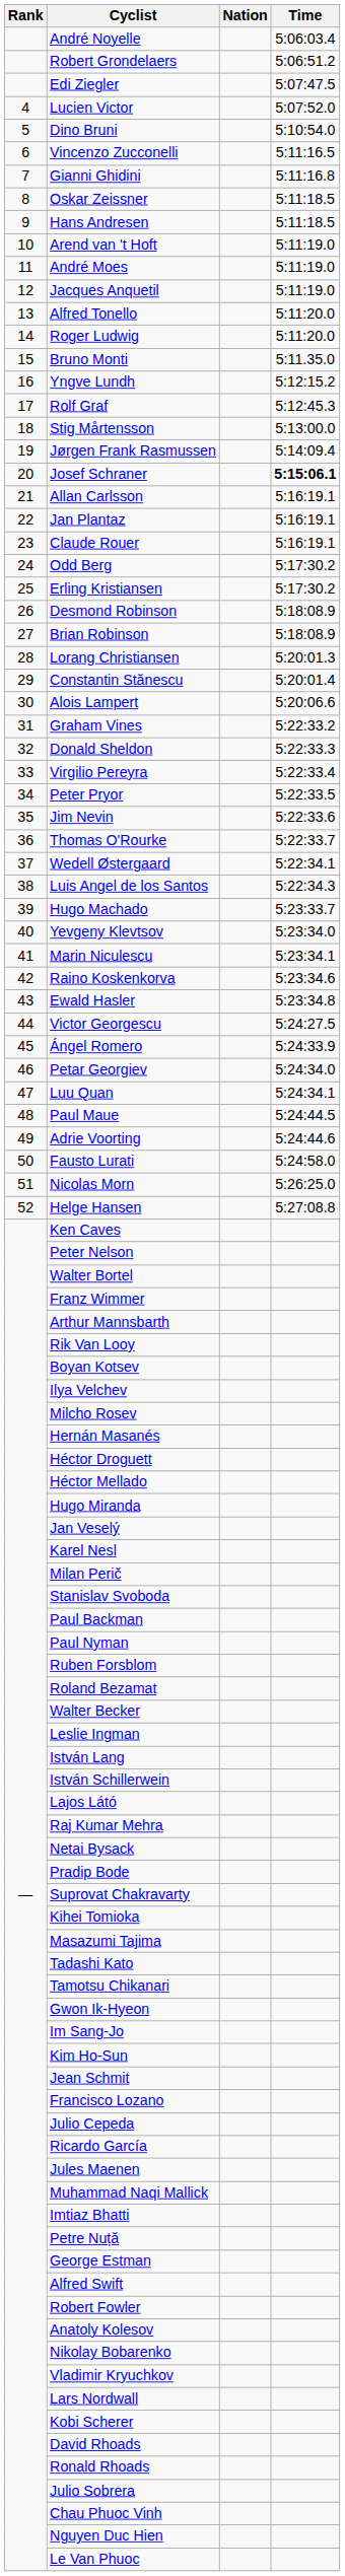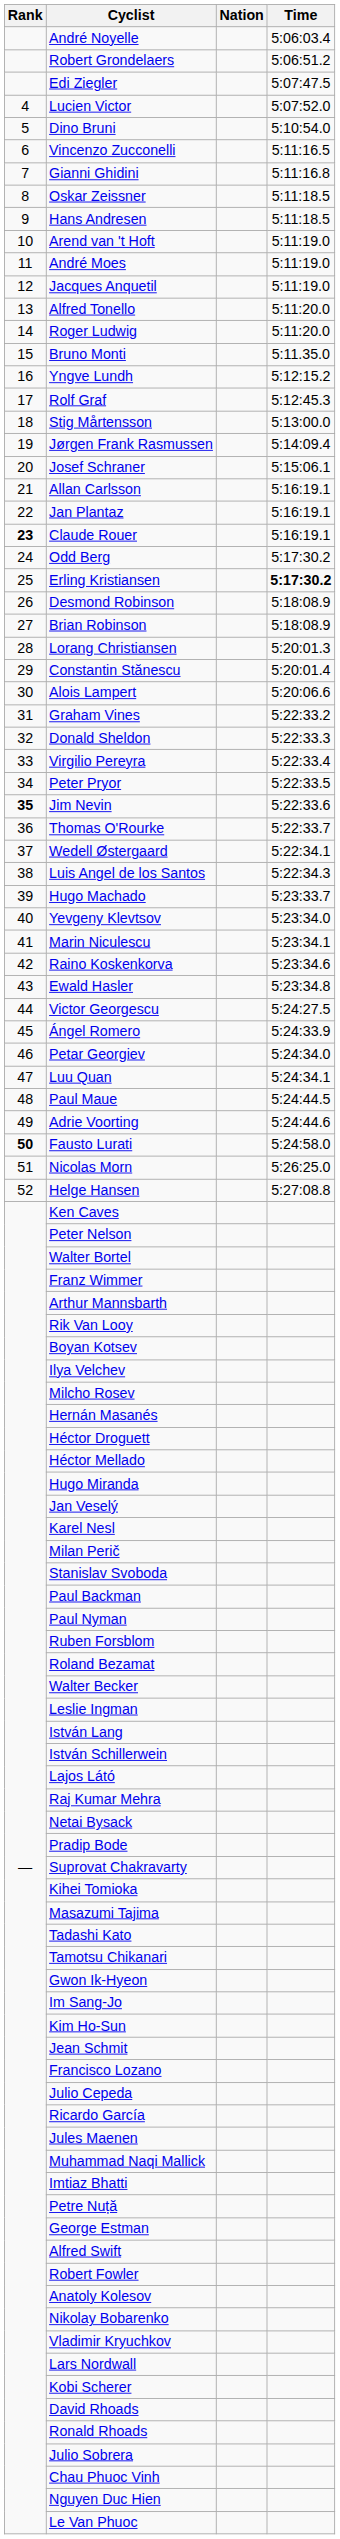 <table class="wikitable sortable" style="text-align:center">
 <tr>
 <th>Rank</th>
 <th>Cyclist</th>
 <th>Nation</th>
 <th>Time</th>
 </tr>
 <tr>
 <td></td>
 <td align=left><a href='#'>André Noyelle</a></td>
 <td align=left></td>
 <td>5:06:03.4</td>
 </tr>
 <tr>
 <td></td>
 <td align=left><a href='#'>Robert Grondelaers</a></td>
 <td align=left></td>
 <td>5:06:51.2</td>
 </tr>
 <tr>
 <td></td>
 <td align=left><a href='#'>Edi Ziegler</a></td>
 <td align=left></td>
 <td>5:07:47.5</td>
 </tr>
 <tr>
 <td>4</td>
 <td align=left><a href='#'>Lucien Victor</a></td>
 <td align=left></td>
 <td>5:07:52.0</td>
 </tr>
 <tr>
 <td>5</td>
 <td align=left><a href='#'>Dino Bruni</a></td>
 <td align=left></td>
 <td>5:10:54.0</td>
 </tr>
 <tr>
 <td>6</td>
 <td align=left><a href='#'>Vincenzo Zucconelli</a></td>
 <td align=left></td>
 <td>5:11:16.5</td>
 </tr>
 <tr>
 <td>7</td>
 <td align=left><a href='#'>Gianni Ghidini</a></td>
 <td align=left></td>
 <td>5:11:16.8</td>
 </tr>
 <tr>
 <td>8</td>
 <td align=left><a href='#'>Oskar Zeissner</a></td>
 <td align=left></td>
 <td>5:11:18.5</td>
 </tr>
 <tr>
 <td>9</td>
 <td align=left><a href='#'>Hans Andresen</a></td>
 <td align=left></td>
 <td>5:11:18.5</td>
 </tr>
 <tr>
 <td>10</td>
 <td align=left><a href='#'>Arend van 't Hoft</a></td>
 <td align=left></td>
 <td>5:11:19.0</td>
 </tr>
 <tr>
 <td>11</td>
 <td align=left><a href='#'>André Moes</a></td>
 <td align=left></td>
 <td>5:11:19.0</td>
 </tr>
 <tr>
 <td>12</td>
 <td align=left><a href='#'>Jacques Anquetil</a></td>
 <td align=left></td>
 <td>5:11:19.0</td>
 </tr>
 <tr>
 <td>13</td>
 <td align=left><a href='#'>Alfred Tonello</a></td>
 <td align=left></td>
 <td>5:11:20.0</td>
 </tr>
 <tr>
 <td>14</td>
 <td align=left><a href='#'>Roger Ludwig</a></td>
 <td align=left></td>
 <td>5:11:20.0</td>
 </tr>
 <tr>
 <td>15</td>
 <td align=left><a href='#'>Bruno Monti</a></td>
 <td align=left></td>
 <td>5:11.35.0</td>
 </tr>
 <tr>
 <td>16</td>
 <td align=left><a href='#'>Yngve Lundh</a></td>
 <td align=left></td>
 <td>5:12:15.2</td>
 </tr>
 <tr>
 <td>17</td>
 <td align=left><a href='#'>Rolf Graf</a></td>
 <td align=left></td>
 <td>5:12:45.3</td>
 </tr>
 <tr>
 <td>18</td>
 <td align=left><a href='#'>Stig Mårtensson</a></td>
 <td align=left></td>
 <td>5:13:00.0</td>
 </tr>
 <tr>
 <td>19</td>
 <td align=left><a href='#'>Jørgen Frank Rasmussen</a></td>
 <td align=left></td>
 <td>5:14:09.4</td>
 </tr>
 <tr>
 <td>20</td>
 <td align=left><a href='#'>Josef Schraner</a></td>
 <td align=left></td>
-<td><strong>5:15:06.1</strong></td>
+<td>5:15:06.1</td>
 </tr>
 <tr>
 <td>21</td>
 <td align=left><a href='#'>Allan Carlsson</a></td>
 <td align=left></td>
 <td>5:16:19.1</td>
 </tr>
 <tr>
 <td>22</td>
 <td align=left><a href='#'>Jan Plantaz</a></td>
 <td align=left></td>
 <td>5:16:19.1</td>
 </tr>
 <tr>
-<td>23</td>
+<td><strong>23</strong></td>
 <td align=left><a href='#'>Claude Rouer</a></td>
 <td align=left></td>
 <td>5:16:19.1</td>
 </tr>
 <tr>
 <td>24</td>
 <td align=left><a href='#'>Odd Berg</a></td>
 <td align=left></td>
 <td>5:17:30.2</td>
 </tr>
 <tr>
 <td>25</td>
 <td align=left><a href='#'>Erling Kristiansen</a></td>
 <td align=left></td>
-<td>5:17:30.2</td>
+<td><strong>5:17:30.2</strong></td>
 </tr>
 <tr>
 <td>26</td>
 <td align=left><a href='#'>Desmond Robinson</a></td>
 <td align=left></td>
 <td>5:18:08.9</td>
 </tr>
 <tr>
 <td>27</td>
 <td align=left><a href='#'>Brian Robinson</a></td>
 <td align=left></td>
 <td>5:18:08.9</td>
 </tr>
 <tr>
 <td>28</td>
 <td align=left><a href='#'>Lorang Christiansen</a></td>
 <td align=left></td>
 <td>5:20:01.3</td>
 </tr>
 <tr>
 <td>29</td>
 <td align=left><a href='#'>Constantin Stănescu</a></td>
 <td align=left></td>
 <td>5:20:01.4</td>
 </tr>
 <tr>
 <td>30</td>
 <td align=left><a href='#'>Alois Lampert</a></td>
 <td align=left></td>
 <td>5:20:06.6</td>
 </tr>
 <tr>
 <td>31</td>
 <td align=left><a href='#'>Graham Vines</a></td>
 <td align=left></td>
 <td>5:22:33.2</td>
 </tr>
 <tr>
 <td>32</td>
 <td align=left><a href='#'>Donald Sheldon</a></td>
 <td align=left></td>
 <td>5:22:33.3</td>
 </tr>
 <tr>
 <td>33</td>
 <td align=left><a href='#'>Virgilio Pereyra</a></td>
 <td align=left></td>
 <td>5:22:33.4</td>
 </tr>
 <tr>
 <td>34</td>
 <td align=left><a href='#'>Peter Pryor</a></td>
 <td align=left></td>
 <td>5:22:33.5</td>
 </tr>
 <tr>
-<td>35</td>
+<td><strong>35</strong></td>
 <td align=left><a href='#'>Jim Nevin</a></td>
 <td align=left></td>
 <td>5:22:33.6</td>
 </tr>
 <tr>
 <td>36</td>
 <td align=left><a href='#'>Thomas O'Rourke</a></td>
 <td align=left></td>
 <td>5:22:33.7</td>
 </tr>
 <tr>
 <td>37</td>
 <td align=left><a href='#'>Wedell Østergaard</a></td>
 <td align=left></td>
 <td>5:22:34.1</td>
 </tr>
 <tr>
 <td>38</td>
 <td align=left><a href='#'>Luis Angel de los Santos</a></td>
 <td align=left></td>
 <td>5:22:34.3</td>
 </tr>
 <tr>
 <td>39</td>
 <td align=left><a href='#'>Hugo Machado</a></td>
 <td align=left></td>
 <td>5:23:33.7</td>
 </tr>
 <tr>
 <td>40</td>
 <td align=left><a href='#'>Yevgeny Klevtsov</a></td>
 <td align=left></td>
 <td>5:23:34.0</td>
 </tr>
 <tr>
 <td>41</td>
 <td align=left><a href='#'>Marin Niculescu</a></td>
 <td align=left></td>
 <td>5:23:34.1</td>
 </tr>
 <tr>
 <td>42</td>
 <td align=left><a href='#'>Raino Koskenkorva</a></td>
 <td align=left></td>
 <td>5:23:34.6</td>
 </tr>
 <tr>
 <td>43</td>
 <td align=left><a href='#'>Ewald Hasler</a></td>
 <td align=left></td>
 <td>5:23:34.8</td>
 </tr>
 <tr>
 <td>44</td>
 <td align=left><a href='#'>Victor Georgescu</a></td>
 <td align=left></td>
 <td>5:24:27.5</td>
 </tr>
 <tr>
 <td>45</td>
 <td align=left><a href='#'>Ángel Romero</a></td>
 <td align=left></td>
 <td>5:24:33.9</td>
 </tr>
 <tr>
 <td>46</td>
 <td align=left><a href='#'>Petar Georgiev</a></td>
 <td align=left></td>
 <td>5:24:34.0</td>
 </tr>
 <tr>
 <td>47</td>
 <td align=left><a href='#'>Luu Quan</a></td>
 <td align=left></td>
 <td>5:24:34.1</td>
 </tr>
 <tr>
 <td>48</td>
 <td align=left><a href='#'>Paul Maue</a></td>
 <td align=left></td>
 <td>5:24:44.5</td>
 </tr>
 <tr>
 <td>49</td>
 <td align=left><a href='#'>Adrie Voorting</a></td>
 <td align=left></td>
 <td>5:24:44.6</td>
 </tr>
 <tr>
-<td>50</td>
+<td><strong>50</strong></td>
 <td align=left><a href='#'>Fausto Lurati</a></td>
 <td align=left></td>
 <td>5:24:58.0</td>
 </tr>
 <tr>
 <td>51</td>
 <td align=left><a href='#'>Nicolas Morn</a></td>
 <td align=left></td>
 <td>5:26:25.0</td>
 </tr>
 <tr>
 <td>52</td>
 <td align=left><a href='#'>Helge Hansen</a></td>
 <td align=left></td>
 <td>5:27:08.8</td>
 </tr>
 <tr>
 <td rowspan=59 data-sort-value=53>—</td>
 <td align=left><a href='#'>Ken Caves</a></td>
 <td align=left></td>
 <td data-sort-value=9:99:99.9></td>
 </tr>
 <tr>
 <td align=left><a href='#'>Peter Nelson</a></td>
 <td align=left></td>
 <td data-sort-value=9:99:99.9></td>
 </tr>
 <tr>
 <td align=left><a href='#'>Walter Bortel</a></td>
 <td align=left></td>
 <td data-sort-value=9:99:99.9></td>
 </tr>
 <tr>
 <td align=left><a href='#'>Franz Wimmer</a></td>
 <td align=left></td>
 <td data-sort-value=9:99:99.9></td>
 </tr>
 <tr>
 <td align=left><a href='#'>Arthur Mannsbarth</a></td>
 <td align=left></td>
 <td data-sort-value=9:99:99.9></td>
 </tr>
 <tr>
 <td align=left><a href='#'>Rik Van Looy</a></td>
 <td align=left></td>
 <td data-sort-value=9:99:99.9></td>
 </tr>
 <tr>
 <td align=left><a href='#'>Boyan Kotsev</a></td>
 <td align=left></td>
 <td data-sort-value=9:99:99.9></td>
 </tr>
 <tr>
 <td align=left><a href='#'>Ilya Velchev</a></td>
 <td align=left></td>
 <td data-sort-value=9:99:99.9></td>
 </tr>
 <tr>
 <td align=left><a href='#'>Milcho Rosev</a></td>
 <td align=left></td>
 <td data-sort-value=9:99:99.9></td>
 </tr>
 <tr>
 <td align=left><a href='#'>Hernán Masanés</a></td>
 <td align=left></td>
 <td data-sort-value=9:99:99.9></td>
 </tr>
 <tr>
 <td align=left><a href='#'>Héctor Droguett</a></td>
 <td align=left></td>
 <td data-sort-value=9:99:99.9></td>
 </tr>
 <tr>
 <td align=left><a href='#'>Héctor Mellado</a></td>
 <td align=left></td>
 <td data-sort-value=9:99:99.9></td>
 </tr>
 <tr>
 <td align=left><a href='#'>Hugo Miranda</a></td>
 <td align=left></td>
 <td data-sort-value=9:99:99.9></td>
 </tr>
 <tr>
 <td align=left><a href='#'>Jan Veselý</a></td>
 <td align=left></td>
 <td data-sort-value=9:99:99.9></td>
 </tr>
 <tr>
 <td align=left><a href='#'>Karel Nesl</a></td>
 <td align=left></td>
 <td data-sort-value=9:99:99.9></td>
 </tr>
 <tr>
 <td align=left><a href='#'>Milan Perič</a></td>
 <td align=left></td>
 <td data-sort-value=9:99:99.9></td>
 </tr>
 <tr>
 <td align=left><a href='#'>Stanislav Svoboda</a></td>
 <td align=left></td>
 <td data-sort-value=9:99:99.9></td>
 </tr>
 <tr>
 <td align=left><a href='#'>Paul Backman</a></td>
 <td align=left></td>
 <td data-sort-value=9:99:99.9></td>
 </tr>
 <tr>
 <td align=left><a href='#'>Paul Nyman</a></td>
 <td align=left></td>
 <td data-sort-value=9:99:99.9></td>
 </tr>
 <tr>
 <td align=left><a href='#'>Ruben Forsblom</a></td>
 <td align=left></td>
 <td data-sort-value=9:99:99.9></td>
 </tr>
 <tr>
 <td align=left><a href='#'>Roland Bezamat</a></td>
 <td align=left></td>
 <td data-sort-value=9:99:99.9></td>
 </tr>
 <tr>
 <td align=left><a href='#'>Walter Becker</a></td>
 <td align=left></td>
 <td data-sort-value=9:99:99.9></td>
 </tr>
 <tr>
 <td align=left><a href='#'>Leslie Ingman</a></td>
 <td align=left></td>
 <td data-sort-value=9:99:99.9></td>
 </tr>
 <tr>
 <td align=left><a href='#'>István Lang</a></td>
 <td align=left></td>
 <td data-sort-value=9:99:99.9></td>
 </tr>
 <tr>
 <td align=left><a href='#'>István Schillerwein</a></td>
 <td align=left></td>
 <td data-sort-value=9:99:99.9></td>
 </tr>
 <tr>
 <td align=left><a href='#'>Lajos Látó</a></td>
 <td align=left></td>
 <td data-sort-value=9:99:99.9></td>
 </tr>
 <tr>
 <td align=left><a href='#'>Raj Kumar Mehra</a></td>
 <td align=left></td>
 <td data-sort-value=9:99:99.9></td>
 </tr>
 <tr>
 <td align=left><a href='#'>Netai Bysack</a></td>
 <td align=left></td>
 <td data-sort-value=9:99:99.9></td>
 </tr>
 <tr>
 <td align=left><a href='#'>Pradip Bode</a></td>
 <td align=left></td>
 <td data-sort-value=9:99:99.9></td>
 </tr>
 <tr>
 <td align=left><a href='#'>Suprovat Chakravarty</a></td>
 <td align=left></td>
 <td data-sort-value=9:99:99.9></td>
 </tr>
 <tr>
 <td align=left><a href='#'>Kihei Tomioka</a></td>
 <td align=left></td>
 <td data-sort-value=9:99:99.9></td>
 </tr>
 <tr>
 <td align=left><a href='#'>Masazumi Tajima</a></td>
 <td align=left></td>
 <td data-sort-value=9:99:99.9></td>
 </tr>
 <tr>
 <td align=left><a href='#'>Tadashi Kato</a></td>
 <td align=left></td>
 <td data-sort-value=9:99:99.9></td>
 </tr>
 <tr>
 <td align=left><a href='#'>Tamotsu Chikanari</a></td>
 <td align=left></td>
 <td data-sort-value=9:99:99.9></td>
 </tr>
 <tr>
 <td align=left><a href='#'>Gwon Ik-Hyeon</a></td>
 <td align=left></td>
 <td data-sort-value=9:99:99.9></td>
 </tr>
 <tr>
 <td align=left><a href='#'>Im Sang-Jo</a></td>
 <td align=left></td>
 <td data-sort-value=9:99:99.9></td>
 </tr>
 <tr>
 <td align=left><a href='#'>Kim Ho-Sun</a></td>
 <td align=left></td>
 <td data-sort-value=9:99:99.9></td>
 </tr>
 <tr>
 <td align=left><a href='#'>Jean Schmit</a></td>
 <td align=left></td>
 <td data-sort-value=9:99:99.9></td>
 </tr>
 <tr>
 <td align=left><a href='#'>Francisco Lozano</a></td>
 <td align=left></td>
 <td data-sort-value=9:99:99.9></td>
 </tr>
 <tr>
 <td align=left><a href='#'>Julio Cepeda</a></td>
 <td align=left></td>
 <td data-sort-value=9:99:99.9></td>
 </tr>
 <tr>
 <td align=left><a href='#'>Ricardo García</a></td>
 <td align=left></td>
 <td data-sort-value=9:99:99.9></td>
 </tr>
 <tr>
 <td align=left><a href='#'>Jules Maenen</a></td>
 <td align=left></td>
 <td data-sort-value=9:99:99.9></td>
 </tr>
 <tr>
 <td align=left><a href='#'>Muhammad Naqi Mallick</a></td>
 <td align=left></td>
 <td data-sort-value=9:99:99.9></td>
 </tr>
 <tr>
 <td align=left><a href='#'>Imtiaz Bhatti</a></td>
 <td align=left></td>
 <td data-sort-value=9:99:99.9></td>
 </tr>
 <tr>
 <td align=left><a href='#'>Petre Nuță</a></td>
 <td align=left></td>
 <td data-sort-value=9:99:99.9></td>
 </tr>
 <tr>
 <td align=left><a href='#'>George Estman</a></td>
 <td align=left></td>
 <td data-sort-value=9:99:99.9></td>
 </tr>
 <tr>
 <td align=left><a href='#'>Alfred Swift</a></td>
 <td align=left></td>
 <td data-sort-value=9:99:99.9></td>
 </tr>
 <tr>
 <td align=left><a href='#'>Robert Fowler</a></td>
 <td align=left></td>
 <td data-sort-value=9:99:99.9></td>
 </tr>
 <tr>
 <td align=left><a href='#'>Anatoly Kolesov</a></td>
 <td align=left></td>
 <td data-sort-value=9:99:99.9></td>
 </tr>
 <tr>
 <td align=left><a href='#'>Nikolay Bobarenko</a></td>
 <td align=left></td>
 <td data-sort-value=9:99:99.9></td>
 </tr>
 <tr>
 <td align=left><a href='#'>Vladimir Kryuchkov</a></td>
 <td align=left></td>
 <td data-sort-value=9:99:99.9></td>
 </tr>
 <tr>
 <td align=left><a href='#'>Lars Nordwall</a></td>
 <td align=left></td>
 <td data-sort-value=9:99:99.9></td>
 </tr>
 <tr>
 <td align=left><a href='#'>Kobi Scherer</a></td>
 <td align=left></td>
 <td data-sort-value=9:99:99.9></td>
 </tr>
 <tr>
 <td align=left><a href='#'>David Rhoads</a></td>
 <td align=left></td>
 <td data-sort-value=9:99:99.9></td>
 </tr>
 <tr>
 <td align=left><a href='#'>Ronald Rhoads</a></td>
 <td align=left></td>
 <td data-sort-value=9:99:99.9></td>
 </tr>
 <tr>
 <td align=left><a href='#'>Julio Sobrera</a></td>
 <td align=left></td>
 <td data-sort-value=9:99:99.9></td>
 </tr>
 <tr>
 <td align=left><a href='#'>Chau Phuoc Vinh</a></td>
 <td align=left></td>
 <td data-sort-value=9:99:99.9></td>
 </tr>
 <tr>
 <td align=left><a href='#'>Nguyen Duc Hien</a></td>
 <td align=left></td>
 <td data-sort-value=9:99:99.9></td>
 </tr>
 <tr>
 <td align=left><a href='#'>Le Van Phuoc</a></td>
 <td align=left></td>
 <td data-sort-value=9:99:99.9></td>
 </tr>
 </table>
